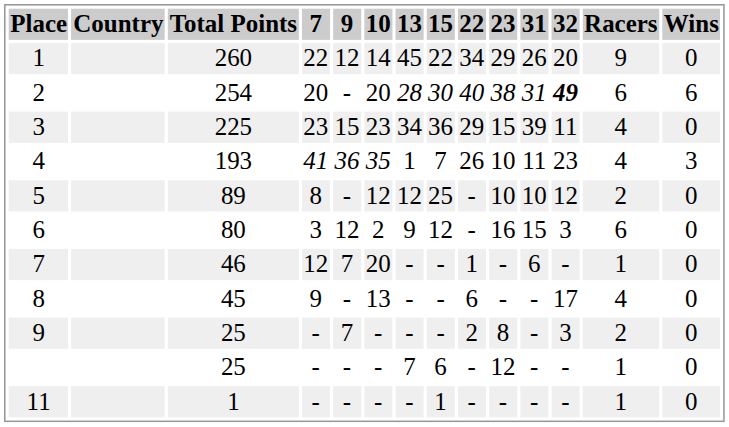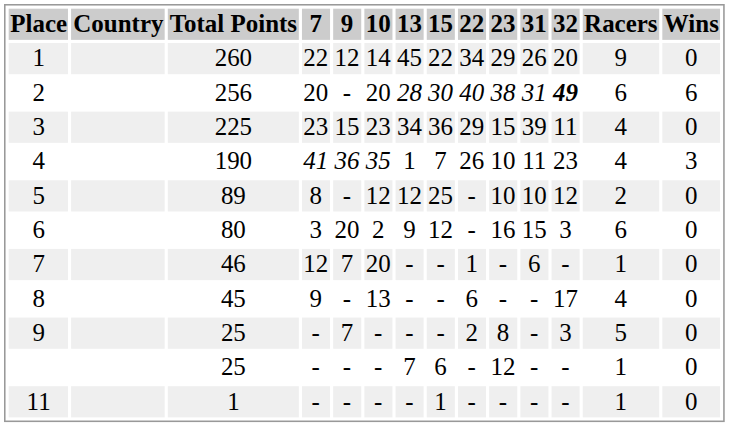 <table border="0" style="border: 1px solid #999; background-color:#FFFFFF; text-align:center">
 <tr align="center" bgcolor="#CCCCCC">
 <th>Place</th>
 <th>Country</th>
 <th>Total Points</th>
 <th>7</th>
 <th>9</th>
 <th>10</th>
 <th>13</th>
 <th>15</th>
 <th>22</th>
 <th>23</th>
 <th>31</th>
 <th>32</th>
 <th>Racers</th>
 <th>Wins</th>
 </tr>
 <tr bgcolor="#EFEFEF">
 <td>1</td>
 <td align="left"></td>
 <td>260</td>
 <td>22</td>
 <td>12</td>
 <td>14</td>
 <td>45</td>
 <td>22</td>
 <td>34</td>
 <td>29</td>
 <td>26</td>
 <td>20</td>
 <td>9</td>
 <td>0</td>
 </tr>
 <tr>
 <td>2</td>
 <td align="left"></td>
-<td>254</td>
+<td>256</td>
 <td>20</td>
 <td>-</td>
 <td>20</td>
 <td><em>28</em></td>
 <td><em>30</em></td>
 <td><em>40</em></td>
 <td><em>38</em></td>
 <td><em>31</em></td>
 <td><strong><em>49</em></strong></td>
 <td>6</td>
 <td>6</td>
 </tr>
 <tr bgcolor="#EFEFEF">
 <td>3</td>
 <td align="left"></td>
 <td>225</td>
 <td>23</td>
 <td>15</td>
 <td>23</td>
 <td>34</td>
 <td>36</td>
 <td>29</td>
 <td>15</td>
 <td>39</td>
 <td>11</td>
 <td>4</td>
 <td>0</td>
 </tr>
 <tr>
 <td>4</td>
 <td align="left"></td>
-<td>193</td>
+<td>190</td>
 <td><em>41</em></td>
 <td><em>36</em></td>
 <td><em>35</em></td>
 <td>1</td>
 <td>7</td>
 <td>26</td>
 <td>10</td>
 <td>11</td>
 <td>23</td>
 <td>4</td>
 <td>3</td>
 </tr>
 <tr bgcolor="#EFEFEF">
 <td>5</td>
 <td align="left"></td>
 <td>89</td>
 <td>8</td>
 <td>-</td>
 <td>12</td>
 <td>12</td>
 <td>25</td>
 <td>-</td>
 <td>10</td>
 <td>10</td>
 <td>12</td>
 <td>2</td>
 <td>0</td>
 </tr>
 <tr>
 <td>6</td>
 <td align="left"></td>
 <td>80</td>
 <td>3</td>
-<td>12</td>
+<td>20</td>
 <td>2</td>
 <td>9</td>
 <td>12</td>
 <td>-</td>
 <td>16</td>
 <td>15</td>
 <td>3</td>
 <td>6</td>
 <td>0</td>
 </tr>
 <tr bgcolor="#EFEFEF">
 <td>7</td>
 <td align="left"></td>
 <td>46</td>
 <td>12</td>
 <td>7</td>
 <td>20</td>
 <td>-</td>
 <td>-</td>
 <td>1</td>
 <td>-</td>
 <td>6</td>
 <td>-</td>
 <td>1</td>
 <td>0</td>
 </tr>
 <tr>
 <td>8</td>
 <td align="left"></td>
 <td>45</td>
 <td>9</td>
 <td>-</td>
 <td>13</td>
 <td>-</td>
 <td>-</td>
 <td>6</td>
 <td>-</td>
 <td>-</td>
 <td>17</td>
 <td>4</td>
 <td>0</td>
 </tr>
 <tr bgcolor="#EFEFEF">
 <td>9</td>
 <td align="left"></td>
 <td>25</td>
 <td>-</td>
 <td>7</td>
 <td>-</td>
 <td>-</td>
 <td>-</td>
 <td>2</td>
 <td>8</td>
 <td>-</td>
 <td>3</td>
-<td>2</td>
+<td>5</td>
 <td>0</td>
 </tr>
 <tr>
 <td></td>
 <td align="left"></td>
 <td>25</td>
 <td>-</td>
 <td>-</td>
 <td>-</td>
 <td>7</td>
 <td>6</td>
 <td>-</td>
 <td>12</td>
 <td>-</td>
 <td>-</td>
 <td>1</td>
 <td>0</td>
 </tr>
 <tr bgcolor="#EFEFEF">
 <td>11</td>
 <td align="left"></td>
 <td>1</td>
 <td>-</td>
 <td>-</td>
 <td>-</td>
 <td>-</td>
 <td>1</td>
 <td>-</td>
 <td>-</td>
 <td>-</td>
 <td>-</td>
 <td>1</td>
 <td>0</td>
 </tr>
 </table>
